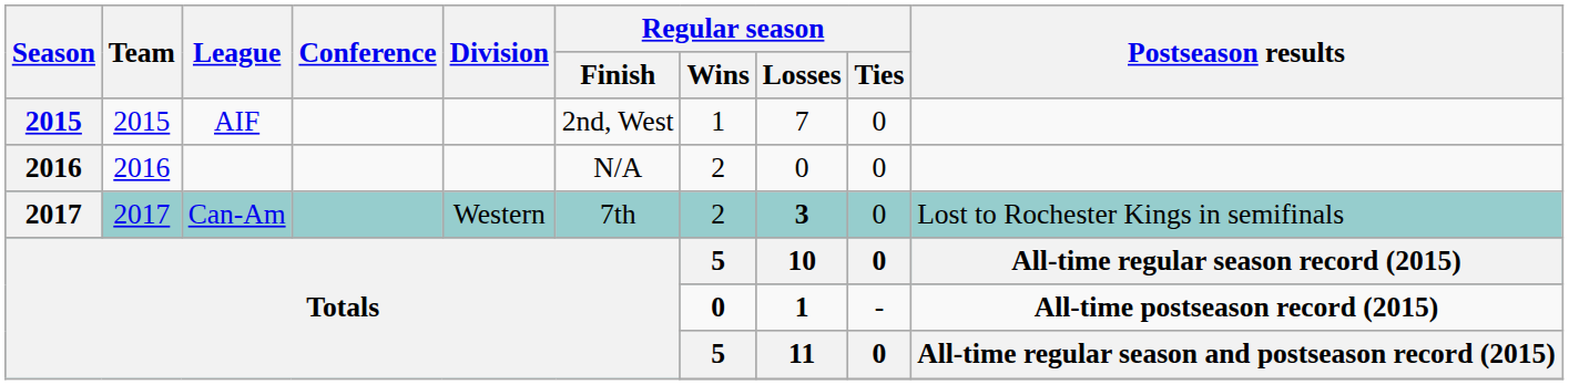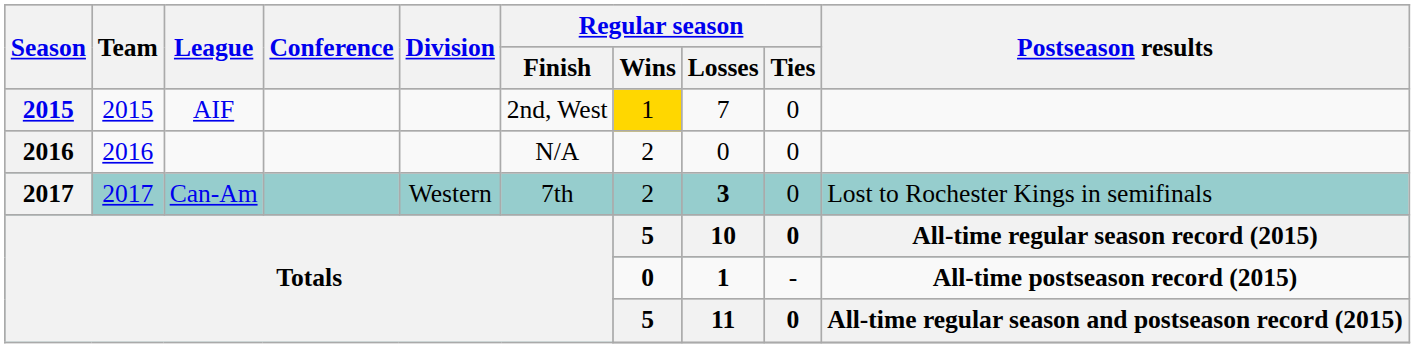 <table class="wikitable" style="font-size: 95%;">
 <tr>
 <th rowspan="2"><a href='#'>Season</a></th>
 <th rowspan="2">Team</th>
 <th rowspan="2"><a href='#'>League</a></th>
 <th rowspan="2"><a href='#'>Conference</a></th>
 <th rowspan="2"><a href='#'>Division</a></th>
 <th colspan="4"><a href='#'>Regular season</a></th>
 <th rowspan="2"><a href='#'>Postseason</a> results</th>
 </tr>
 <tr>
 <th>Finish</th>
 <th>Wins</th>
 <th>Losses</th>
 <th>Ties</th>
 </tr>
 <tr>
 <th style="text-align:center;"><a href='#'>2015</a></th>
 <td style="text-align:center;"><a href='#'>2015</a></td>
 <td style="text-align:center;"><a href='#'>AIF</a></td>
 <td style="text-align:center;"></td>
 <td style="text-align:center;"></td>
 <td style="text-align:center;">2nd, West</td>
-<td style="text-align:center;">1</td>
+<td style="background: gold; text-align:center;">1</td>
 <td style="text-align:center;">7</td>
 <td style="text-align:center;">0</td>
 <td></td>
 </tr>
 <tr>
 <th style="text-align:center;">2016</th>
 <td style="text-align:center;"><a href='#'>2016</a></td>
 <td style="text-align:center;"></td>
 <td style="text-align:center;"></td>
 <td style="text-align:center;"></td>
 <td style="text-align:center;">N/A</td>
 <td style="text-align:center;">2</td>
 <td style="text-align:center;">0</td>
 <td style="text-align:center;">0</td>
 <td></td>
 </tr>
 <tr style=" background:#96cdcd;">
 <th style="text-align:center;">2017</th>
 <td style="text-align:center;"><a href='#'>2017</a></td>
 <td style="text-align:center;"><a href='#'>Can-Am</a></td>
 <td style="text-align:center;"></td>
 <td style="text-align:center;">Western</td>
 <td style="text-align:center;">7th</td>
 <td style="text-align:center;">2</td>
 <td style="text-align:center;"><strong>3</strong></td>
 <td style="text-align:center;">0</td>
 <td>Lost to Rochester Kings in semifinals</td>
 </tr>
 <tr style="background:#96cdcd;">
 <th style="text-align:center;" rowspan="5" colspan="6">Totals</th>
 <th style="text-align:center;"><strong>5</strong></th>
 <th style="text-align:center;"><strong>10</strong></th>
 <th style="text-align:center;"><strong>0</strong></th>
 <th style="text-align:center;" colspan="3"><strong>All-time regular season record (2015)</strong></th>
 </tr>
 <tr style="text-align:center;">
 <td><strong>0</strong></td>
 <td><strong>1</strong></td>
 <td>-</td>
 <td colspan="3"><strong>All-time postseason record (2015)</strong></td>
 </tr>
 <tr>
 <th style="text-align:center;"><strong>5</strong></th>
 <th style="text-align:center;"><strong>11</strong></th>
 <th style="text-align:center;"><strong>0</strong></th>
 <th style="text-align:center;" colspan="3"><strong>All-time regular season and  postseason record (2015)</strong></th>
 </tr>
 <tr>
 </tr>
 </table>
